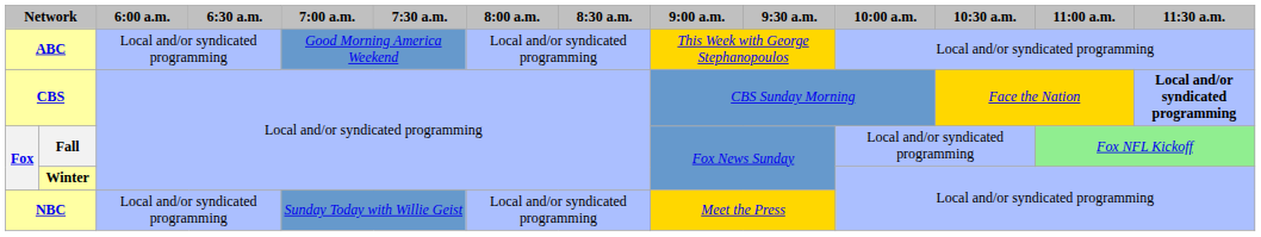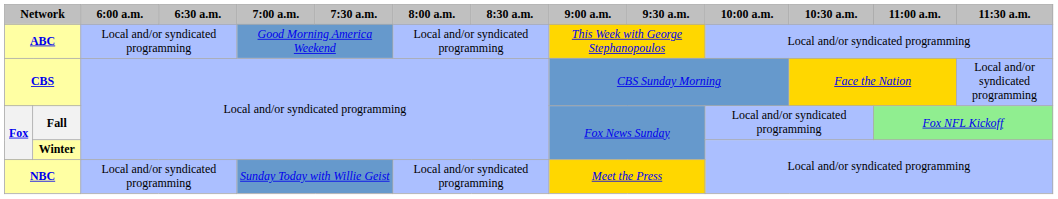 <table class="wikitable" style="width:100%;margin-right:0;font-size:90%;text-align:center">
 <tr>
 <th colspan="2" style="background:#C0C0C0; width:1.5%; text-align:center;">Network</th>
 <th width="4%" style="background:#C0C0C0; text-align:center;">6:00 a.m.</th>
 <th width="4%" style="background:#C0C0C0; text-align:center;">6:30 a.m.</th>
 <th width="4%" style="background:#C0C0C0; text-align:center;">7:00 a.m.</th>
 <th width="4%" style="background:#C0C0C0; text-align:center;">7:30 a.m.</th>
 <th width="4%" style="background:#C0C0C0; text-align:center;">8:00 a.m.</th>
 <th width="4%" style="background:#C0C0C0; text-align:center;">8:30 a.m.</th>
 <th width="4%" style="background:#C0C0C0; text-align:center;">9:00 a.m.</th>
 <th width="4%" style="background:#C0C0C0; text-align:center;">9:30 a.m.</th>
 <th width="4%" style="background:#C0C0C0; text-align:center;">10:00 a.m.</th>
 <th width="4%" style="background:#C0C0C0; text-align:center;">10:30 a.m.</th>
 <th width="4%" style="background:#C0C0C0; text-align:center;">11:00 a.m.</th>
 <th width="4%" style="background:#C0C0C0; text-align:center;">11:30 a.m.</th>
 </tr>
 <tr>
 <th colspan="2" style="background:#FFFFA3;"><a href='#'>ABC</a></th>
 <td colspan="2" style="background:#abbfff;">Local and/or syndicated programming</td>
 <td colspan="2" style="background: #6699CC;"><em><a href='#'>Good Morning America Weekend</a></em></td>
 <td colspan="2" style="background:#abbfff;">Local and/or syndicated programming</td>
 <td colspan="2" style="background:#ffd700;"><em><a href='#'>This Week with George Stephanopoulos</a></em></td>
 <td colspan="4" style="background:#abbfff;">Local and/or syndicated programming</td>
 </tr>
 <tr>
 <th colspan="2" style="background:#FFFFA3;"><a href='#'>CBS</a></th>
 <td colspan="6" rowspan="3" style="background:#abbfff;">Local and/or syndicated programming</td>
 <td colspan="3" style="background: #6699CC;"><em><a href='#'>CBS Sunday Morning</a></em></td>
 <td colspan="2" style="background:#ffd700;"><em><a href='#'>Face the Nation</a></em></td>
-<td style="background:#abbfff;"><strong>Local and/or syndicated programming</strong></td>
+<td style="background:#abbfff;">Local and/or syndicated programming</td>
 </tr>
 <tr>
 <th rowspan="2"><a href='#'>Fox</a></th>
 <th>Fall</th>
 <td colspan="2" rowspan="2" style="background: #6699CC;"><em><a href='#'>Fox News Sunday</a></em></td>
 <td colspan="2" rowspan="1" style="background:#abbfff">Local and/or syndicated programming</td>
 <td colspan="2" style="background:lightgreen;"><em><a href='#'>Fox NFL Kickoff</a></em></td>
 </tr>
 <tr>
 <th style="background:#FFFFA3;">Winter</th>
 <td colspan="4" rowspan="2" style="background:#abbfff;">Local and/or syndicated programming</td>
 </tr>
 <tr>
 <th colspan="2" style="background:#FFFFA3;"><a href='#'>NBC</a></th>
 <td colspan="2" style="background:#abbfff;">Local and/or syndicated programming</td>
 <td colspan="2" style="background: #6699CC;"><em><a href='#'>Sunday Today with Willie Geist</a></em></td>
 <td colspan="2" style="background:#abbfff;">Local and/or syndicated programming</td>
 <td colspan="2" style="background:#ffd700;"><em><a href='#'>Meet the Press</a></em></td>
 </tr>
 </table>
